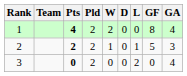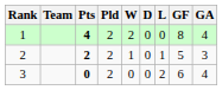 <table class=wikitable>
 <tr align=center>
 <th bgcolor=#efefef>Rank</th>
 <th bgcolor=#efefef>Team</th>
 <th bgcolor=#efefef>Pts</th>
 <th bgcolor=#efefef>Pld</th>
 <th bgcolor=#efefef>W</th>
 <th bgcolor=#efefef>D</th>
 <th bgcolor=#efefef>L</th>
 <th bgcolor=#efefef>GF</th>
 <th bgcolor=#efefef>GA</th>
 </tr>
 <tr align=center style="background:#ccffcc;">
 <td>1</td>
 <td align=left></td>
 <td><strong>4</strong></td>
 <td>2</td>
 <td>2</td>
 <td>0</td>
 <td>0</td>
 <td>8</td>
 <td>4</td>
 </tr>
 <tr align=center>
 <td>2</td>
 <td align=left></td>
 <td><strong>2</strong></td>
 <td>2</td>
 <td>1</td>
 <td>0</td>
 <td>1</td>
 <td>5</td>
 <td>3</td>
 </tr>
 <tr align=center>
 <td>3</td>
 <td align=left></td>
 <td><strong>0</strong></td>
 <td>2</td>
 <td>0</td>
 <td>0</td>
 <td>2</td>
-<td>0</td>
+<td>6</td>
 <td>4</td>
 </tr>
 </table>
